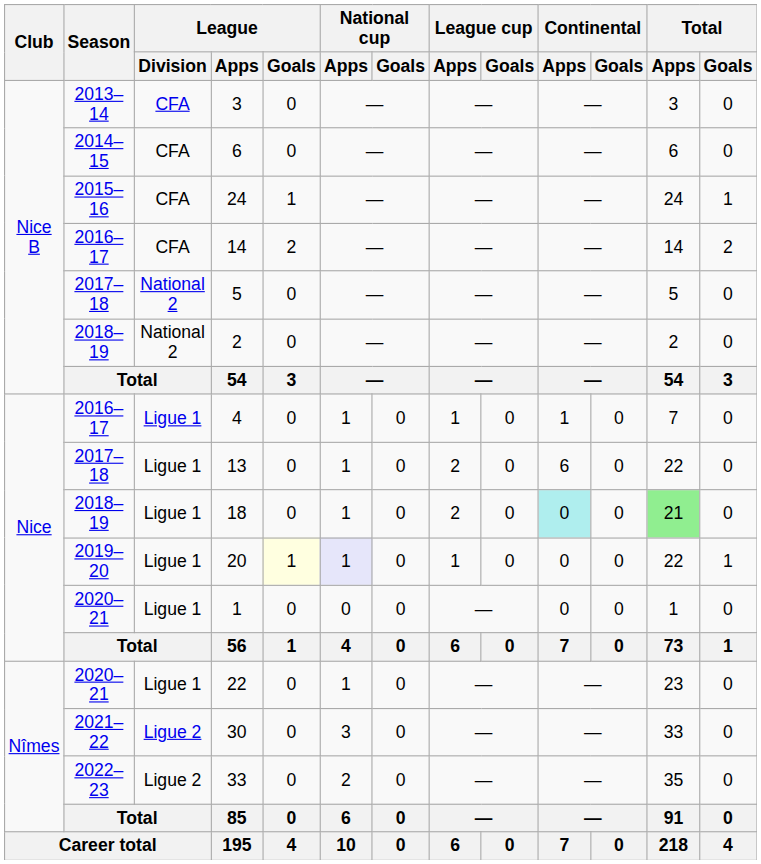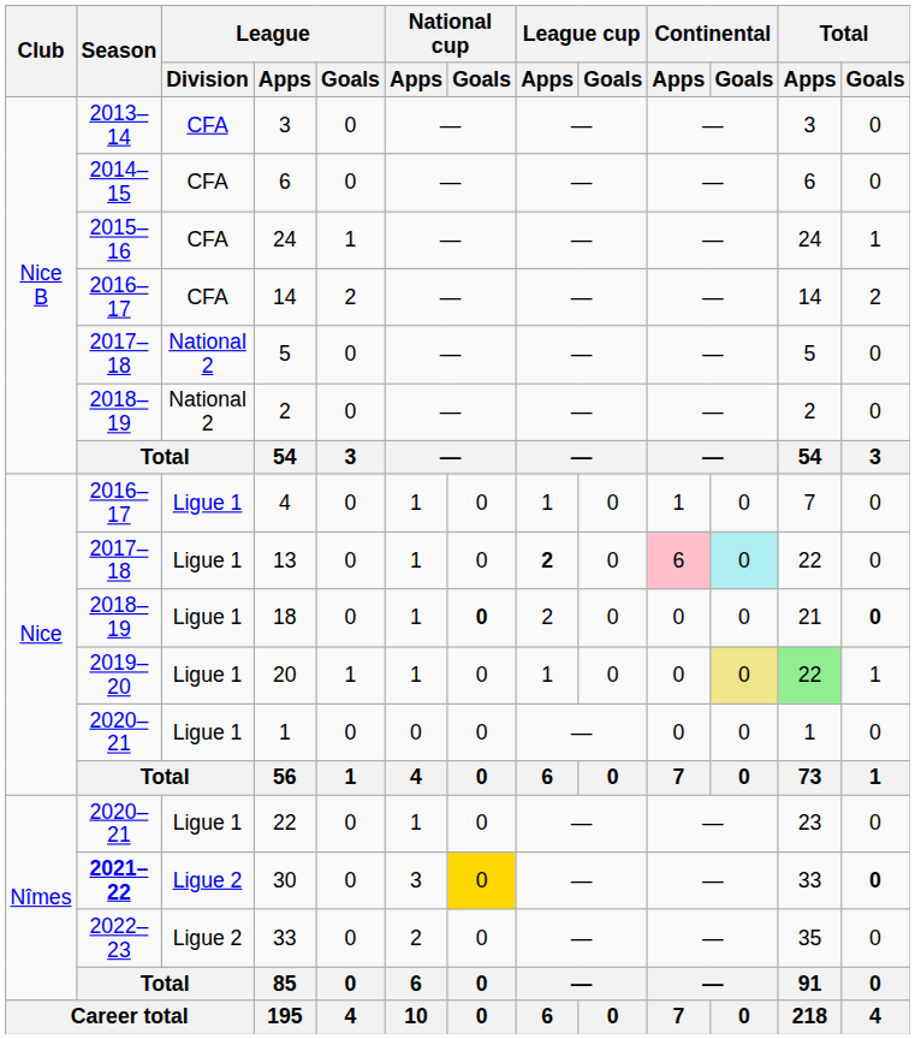 <table class="wikitable" style="text-align:center">
 <tr>
 <th rowspan="2">Club</th>
 <th rowspan="2">Season</th>
 <th colspan="3">League</th>
 <th colspan="2">National cup</th>
 <th colspan="2">League cup</th>
 <th colspan="2">Continental</th>
 <th colspan="2">Total</th>
 </tr>
 <tr>
 <th>Division</th>
 <th>Apps</th>
 <th>Goals</th>
 <th>Apps</th>
 <th>Goals</th>
 <th>Apps</th>
 <th>Goals</th>
 <th>Apps</th>
 <th>Goals</th>
 <th>Apps</th>
 <th>Goals</th>
 </tr>
 <tr>
 <td rowspan="7"><a href='#'>Nice B</a></td>
 <td><a href='#'>2013–14</a></td>
 <td><a href='#'>CFA</a></td>
 <td>3</td>
 <td>0</td>
 <td colspan="2">—</td>
 <td colspan="2">—</td>
 <td colspan="2">—</td>
 <td>3</td>
 <td>0</td>
 </tr>
 <tr>
 <td><a href='#'>2014–15</a></td>
 <td>CFA</td>
 <td>6</td>
 <td>0</td>
 <td colspan="2">—</td>
 <td colspan="2">—</td>
 <td colspan="2">—</td>
 <td>6</td>
 <td>0</td>
 </tr>
 <tr>
 <td><a href='#'>2015–16</a></td>
 <td>CFA</td>
 <td>24</td>
 <td>1</td>
 <td colspan="2">—</td>
 <td colspan="2">—</td>
 <td colspan="2">—</td>
 <td>24</td>
 <td>1</td>
 </tr>
 <tr>
 <td><a href='#'>2016–17</a></td>
 <td>CFA</td>
 <td>14</td>
 <td>2</td>
 <td colspan="2">—</td>
 <td colspan="2">—</td>
 <td colspan="2">—</td>
 <td>14</td>
 <td>2</td>
 </tr>
 <tr>
 <td><a href='#'>2017–18</a></td>
 <td><a href='#'>National 2</a></td>
 <td>5</td>
 <td>0</td>
 <td colspan="2">—</td>
 <td colspan="2">—</td>
 <td colspan="2">—</td>
 <td>5</td>
 <td>0</td>
 </tr>
 <tr>
 <td><a href='#'>2018–19</a></td>
 <td>National 2</td>
 <td>2</td>
 <td>0</td>
 <td colspan="2">—</td>
 <td colspan="2">—</td>
 <td colspan="2">—</td>
 <td>2</td>
 <td>0</td>
 </tr>
 <tr>
 <th colspan="2">Total</th>
 <th>54</th>
 <th>3</th>
 <th colspan="2">—</th>
 <th colspan="2">—</th>
 <th colspan="2">—</th>
 <th>54</th>
 <th>3</th>
 </tr>
 <tr>
 <td rowspan="6"><a href='#'>Nice</a></td>
 <td><a href='#'>2016–17</a></td>
 <td><a href='#'>Ligue 1</a></td>
 <td>4</td>
 <td>0</td>
 <td>1</td>
 <td>0</td>
 <td>1</td>
 <td>0</td>
 <td>1</td>
 <td>0</td>
 <td>7</td>
 <td>0</td>
 </tr>
 <tr>
 <td><a href='#'>2017–18</a></td>
 <td>Ligue 1</td>
 <td>13</td>
 <td>0</td>
 <td>1</td>
 <td>0</td>
-<td>2</td>
+<td><strong>2</strong></td>
 <td>0</td>
-<td>6</td>
-<td>0</td>
+<td style="background: pink;">6</td>
+<td style="background: paleturquoise;">0</td>
 <td>22</td>
 <td>0</td>
 </tr>
 <tr>
 <td><a href='#'>2018–19</a></td>
 <td>Ligue 1</td>
 <td>18</td>
 <td>0</td>
 <td>1</td>
-<td>0</td>
+<td><strong>0</strong></td>
 <td>2</td>
 <td>0</td>
-<td style="background: paleturquoise;">0</td>
 <td>0</td>
-<td style="background: lightgreen;">21</td>
 <td>0</td>
+<td>21</td>
+<td><strong>0</strong></td>
 </tr>
 <tr>
 <td><a href='#'>2019–20</a></td>
 <td>Ligue 1</td>
 <td>20</td>
-<td style="background: lightyellow;">1</td>
-<td style="background: lavender;">1</td>
+<td>1</td>
+<td>1</td>
 <td>0</td>
 <td>1</td>
 <td>0</td>
 <td>0</td>
-<td>0</td>
-<td>22</td>
+<td style="background: khaki;">0</td>
+<td style="background: lightgreen;">22</td>
 <td>1</td>
 </tr>
 <tr>
 <td><a href='#'>2020–21</a></td>
 <td>Ligue 1</td>
 <td>1</td>
 <td>0</td>
 <td>0</td>
 <td>0</td>
 <td colspan="2">—</td>
 <td>0</td>
 <td>0</td>
 <td>1</td>
 <td>0</td>
 </tr>
 <tr>
 <th colspan="2">Total</th>
 <th>56</th>
 <th>1</th>
 <th>4</th>
 <th>0</th>
 <th>6</th>
 <th>0</th>
 <th>7</th>
 <th>0</th>
 <th>73</th>
 <th>1</th>
 </tr>
 <tr>
 <td rowspan="4"><a href='#'>Nîmes</a></td>
 <td><a href='#'>2020–21</a></td>
 <td>Ligue 1</td>
 <td>22</td>
 <td>0</td>
 <td>1</td>
 <td>0</td>
 <td colspan="2">—</td>
 <td colspan="2">—</td>
 <td>23</td>
 <td>0</td>
 </tr>
 <tr>
-<td><a href='#'>2021–22</a></td>
+<td><strong><a href='#'>2021–22</a></strong></td>
 <td><a href='#'>Ligue 2</a></td>
 <td>30</td>
 <td>0</td>
 <td>3</td>
-<td>0</td>
+<td style="background: gold;">0</td>
 <td colspan="2">—</td>
 <td colspan="2">—</td>
 <td>33</td>
-<td>0</td>
+<td><strong>0</strong></td>
 </tr>
 <tr>
 <td><a href='#'>2022–23</a></td>
 <td>Ligue 2</td>
 <td>33</td>
 <td>0</td>
 <td>2</td>
 <td>0</td>
 <td colspan="2">—</td>
 <td colspan="2">—</td>
 <td>35</td>
 <td>0</td>
 </tr>
 <tr>
 <th colspan="2">Total</th>
 <th>85</th>
 <th>0</th>
 <th>6</th>
 <th>0</th>
 <th colspan="2">—</th>
 <th colspan="2">—</th>
 <th>91</th>
 <th>0</th>
 </tr>
 <tr>
 <th colspan="3">Career total</th>
 <th>195</th>
 <th>4</th>
 <th>10</th>
 <th>0</th>
 <th>6</th>
 <th>0</th>
 <th>7</th>
 <th>0</th>
 <th>218</th>
 <th>4</th>
 </tr>
 </table>
